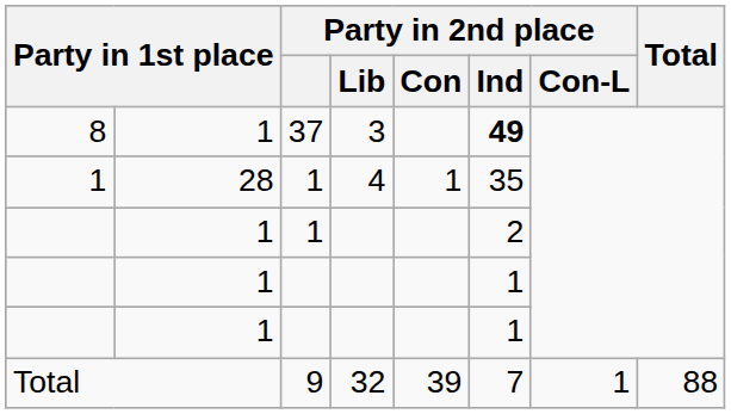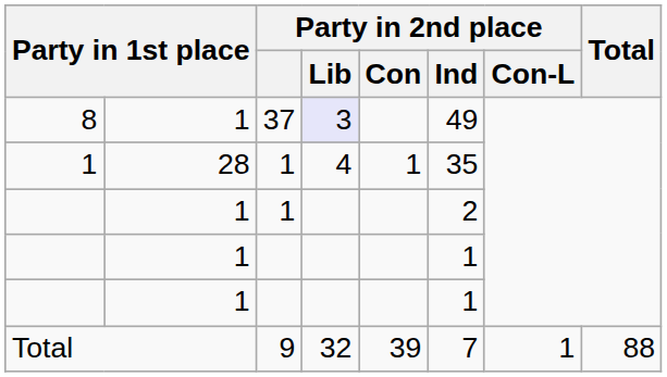 <table class="wikitable" style="text-align:right;">
 <tr>
 <th rowspan="2" colspan="2" style="text-align:left;">Party in 1st place</th>
 <th colspan="5">Party in 2nd place</th>
 <th rowspan="2">Total</th>
 </tr>
 <tr>
 <th></th>
 <th>Lib</th>
 <th>Con</th>
 <th>Ind</th>
 <th>Con-L</th>
 </tr>
 <tr>
 <td>8</td>
 <td>1</td>
 <td>37</td>
-<td>3</td>
+<td style="background: lavender;">3</td>
 <td></td>
-<td><strong>49</strong></td>
+<td>49</td>
 </tr>
 <tr>
 <td>1</td>
 <td>28</td>
 <td>1</td>
 <td>4</td>
 <td>1</td>
 <td>35</td>
 </tr>
 <tr>
 <td></td>
 <td>1</td>
 <td>1</td>
 <td></td>
 <td></td>
 <td>2</td>
 </tr>
 <tr>
 <td></td>
 <td>1</td>
 <td></td>
 <td></td>
 <td></td>
 <td>1</td>
 </tr>
 <tr>
 <td></td>
 <td>1</td>
 <td></td>
 <td></td>
 <td></td>
 <td>1</td>
 </tr>
 <tr>
 <td colspan="2" style="text-align:left;">Total</td>
 <td>9</td>
 <td>32</td>
 <td>39</td>
 <td>7</td>
 <td>1</td>
 <td>88</td>
 </tr>
 </table>
